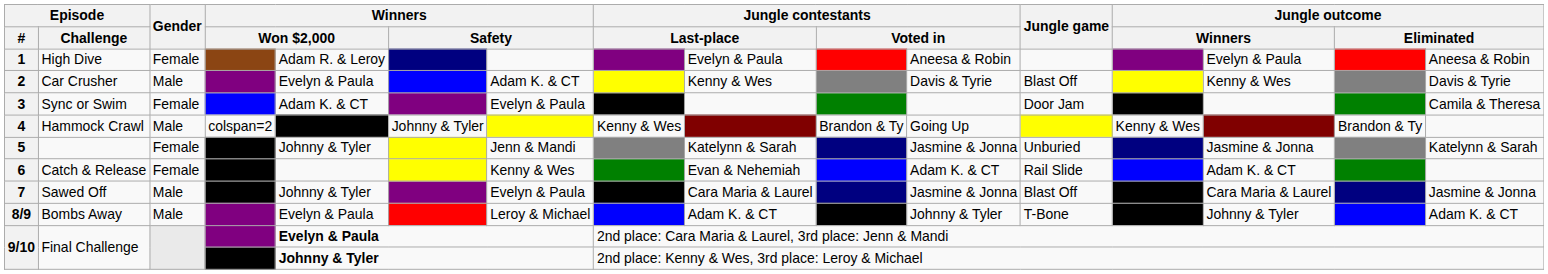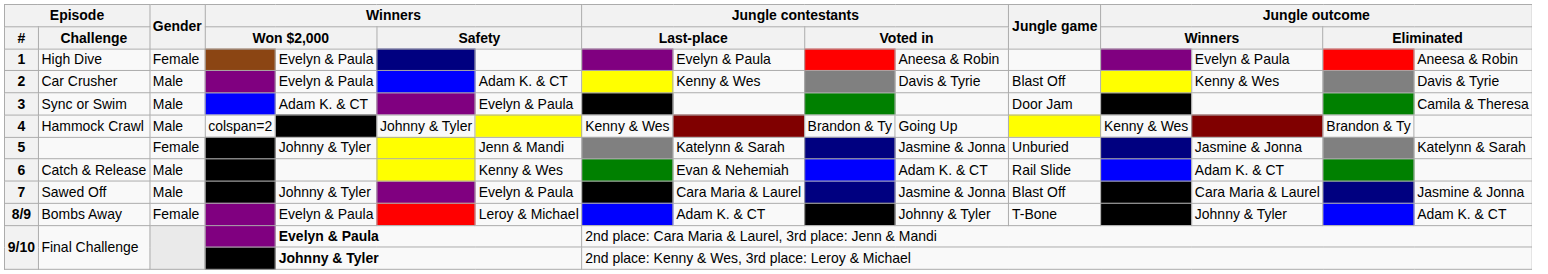 <table class="wikitable" style="font-size:90%; white-space:nowrap">
 <tr>
 <th colspan=2>Episode</th>
 <th rowspan=2>Gender</th>
 <th colspan=4>Winners</th>
 <th colspan=4>Jungle contestants</th>
 <th rowspan=2>Jungle game</th>
 <th colspan=4>Jungle outcome</th>
 </tr>
 <tr>
 <th>#</th>
 <th>Challenge</th>
 <th colspan=2>Won $2,000</th>
 <th colspan=2>Safety</th>
 <th colspan=2>Last-place</th>
 <th colspan=2>Voted in</th>
 <th colspan=2>Winners</th>
 <th colspan=2>Eliminated</th>
 </tr>
 <tr>
 <th>1</th>
 <td>High Dive</td>
 <td>Female</td>
 <td bgcolor="saddlebrown"></td>
-<td>Adam R. & Leroy</td>
+<td>Evelyn & Paula</td>
 <td bgcolor="navy"></td>
 <td></td>
 <td bgcolor="purple"></td>
 <td>Evelyn & Paula</td>
 <td bgcolor="red"></td>
 <td>Aneesa & Robin</td>
 <td></td>
 <td bgcolor="purple"></td>
 <td>Evelyn & Paula</td>
 <td bgcolor="red"></td>
 <td>Aneesa & Robin</td>
 </tr>
 <tr>
 <th>2</th>
 <td>Car Crusher</td>
 <td>Male</td>
 <td bgcolor="purple"></td>
 <td>Evelyn & Paula</td>
 <td bgcolor="blue"></td>
 <td>Adam K. & CT</td>
 <td bgcolor="yellow"></td>
 <td>Kenny & Wes</td>
 <td bgcolor="gray"></td>
 <td>Davis & Tyrie</td>
 <td>Blast Off</td>
 <td bgcolor="yellow"></td>
 <td>Kenny & Wes</td>
 <td bgcolor="gray"></td>
 <td>Davis & Tyrie</td>
 </tr>
 <tr>
 <th>3</th>
 <td>Sync or Swim</td>
-<td>Female</td>
+<td>Male</td>
 <td bgcolor="blue"></td>
 <td>Adam K. & CT</td>
 <td bgcolor="purple"></td>
 <td>Evelyn & Paula</td>
 <td bgcolor="black"></td>
 <td></td>
 <td bgcolor="green"></td>
 <td></td>
 <td>Door Jam</td>
 <td bgcolor="black"></td>
 <td></td>
 <td bgcolor="green"></td>
 <td>Camila & Theresa</td>
 </tr>
 <tr>
 <th>4</th>
 <td>Hammock Crawl</td>
 <td>Male</td>
 <td>colspan=2 </td>
 <td bgcolor="black"></td>
 <td>Johnny & Tyler</td>
 <td bgcolor="yellow"></td>
 <td>Kenny & Wes</td>
 <td bgcolor="maroon"></td>
 <td>Brandon & Ty</td>
 <td>Going Up</td>
 <td bgcolor="yellow"></td>
 <td>Kenny & Wes</td>
 <td bgcolor="maroon"></td>
 <td>Brandon & Ty</td>
 </tr>
 <tr>
 <th>5</th>
 <td></td>
 <td>Female</td>
 <td bgcolor="black"></td>
 <td>Johnny & Tyler</td>
 <td bgcolor="yellow"></td>
 <td>Jenn & Mandi</td>
 <td bgcolor="gray"></td>
 <td>Katelynn & Sarah</td>
 <td bgcolor="navy"></td>
 <td>Jasmine & Jonna</td>
 <td>Unburied</td>
 <td bgcolor="navy"></td>
 <td>Jasmine & Jonna</td>
 <td bgcolor="gray"></td>
 <td>Katelynn & Sarah</td>
 </tr>
 <tr>
 <th>6</th>
 <td>Catch & Release</td>
-<td>Female</td>
+<td>Male</td>
 <td bgcolor="black"></td>
 <td></td>
 <td bgcolor="yellow"></td>
 <td>Kenny & Wes</td>
 <td bgcolor="green"></td>
 <td>Evan & Nehemiah</td>
 <td bgcolor="blue"></td>
 <td>Adam K. & CT</td>
 <td>Rail Slide</td>
 <td bgcolor="blue"></td>
 <td>Adam K. & CT</td>
 <td bgcolor="green"></td>
 <td></td>
 </tr>
 <tr>
 <th>7</th>
 <td>Sawed Off</td>
 <td>Male</td>
 <td bgcolor="black"></td>
 <td>Johnny & Tyler</td>
 <td bgcolor="purple"></td>
 <td>Evelyn & Paula</td>
 <td bgcolor="black"></td>
 <td>Cara Maria & Laurel</td>
 <td bgcolor="navy"></td>
 <td>Jasmine & Jonna</td>
 <td>Blast Off</td>
 <td bgcolor="black"></td>
 <td>Cara Maria & Laurel</td>
 <td bgcolor="navy"></td>
 <td>Jasmine & Jonna</td>
 </tr>
 <tr>
 <th>8/9</th>
 <td>Bombs Away</td>
-<td>Male</td>
+<td>Female</td>
 <td bgcolor="purple"></td>
 <td>Evelyn & Paula</td>
 <td bgcolor="red"></td>
 <td>Leroy & Michael</td>
 <td bgcolor="blue"></td>
 <td>Adam K. & CT</td>
 <td bgcolor="black"></td>
 <td>Johnny & Tyler</td>
 <td>T-Bone</td>
 <td bgcolor="black"></td>
 <td>Johnny & Tyler</td>
 <td bgcolor="blue"></td>
 <td>Adam K. & CT</td>
 </tr>
 <tr>
 <th rowspan=2>9/10</th>
 <td rowspan=2>Final Challenge</td>
 <td rowspan=2 bgcolor="eaeaea"></td>
 <td bgcolor="purple"></td>
 <td colspan=3><strong>Evelyn & Paula</strong></td>
 <td colspan="13">2nd place: Cara Maria & Laurel, 3rd place: Jenn & Mandi</td>
 </tr>
 <tr>
 <td bgcolor="black"></td>
 <td colspan=3><strong>Johnny & Tyler</strong></td>
 <td colspan="13">2nd place: Kenny & Wes, 3rd place: Leroy & Michael</td>
 </tr>
 </table>
